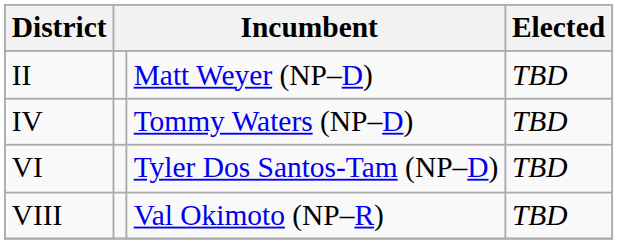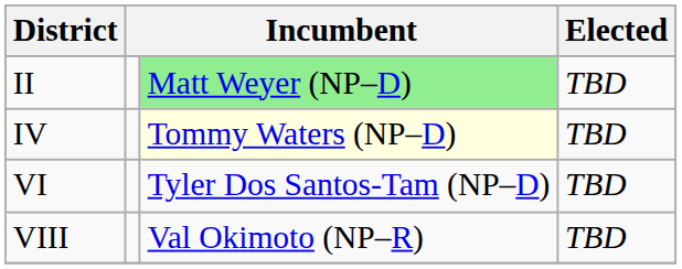 <table class="wikitable">
 <tr>
 <th>District</th>
 <th colspan=2>Incumbent</th>
 <th colspan=2>Elected</th>
 </tr>
 <tr>
 <td>II</td>
 <td style="background:"></td>
-<td><a href='#'>Matt Weyer</a> (NP–<a href='#'>D</a>)</td>
+<td style="background: lightgreen;"><a href='#'>Matt Weyer</a> (NP–<a href='#'>D</a>)</td>
 <td colspan=2><em>TBD</em></td>
 </tr>
 <tr>
 <td>IV</td>
 <td style="background:"></td>
-<td><a href='#'>Tommy Waters</a> (NP–<a href='#'>D</a>)</td>
+<td style="background: lightyellow;"><a href='#'>Tommy Waters</a> (NP–<a href='#'>D</a>)</td>
 <td colspan=2><em>TBD</em></td>
 </tr>
 <tr>
 <td>VI</td>
 <td style="background:"></td>
 <td><a href='#'>Tyler Dos Santos-Tam</a> (NP–<a href='#'>D</a>)</td>
 <td colspan=2><em>TBD</em></td>
 </tr>
 <tr>
 <td>VIII</td>
 <td style="background:"></td>
 <td><a href='#'>Val Okimoto</a> (NP–<a href='#'>R</a>)</td>
 <td colspan=2><em>TBD</em></td>
 </tr>
 <tr>
 </tr>
 </table>
